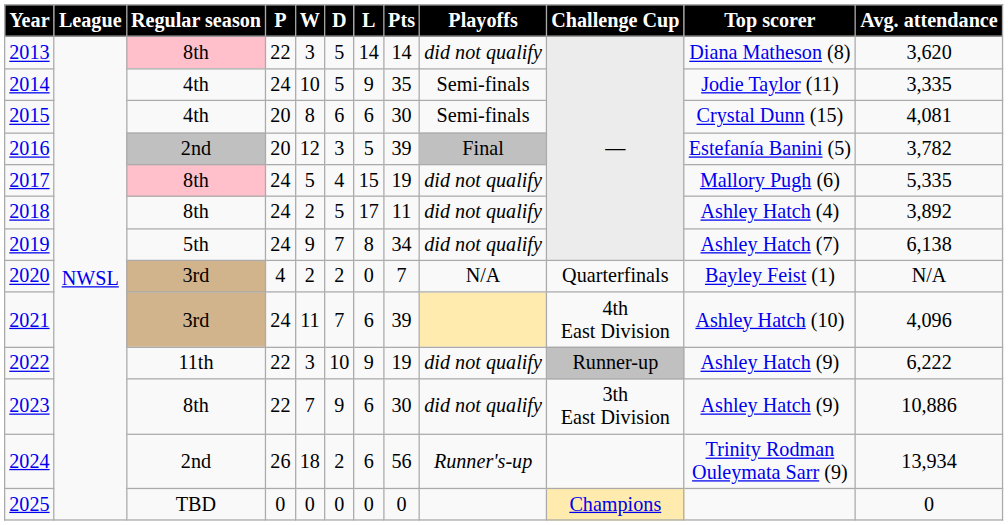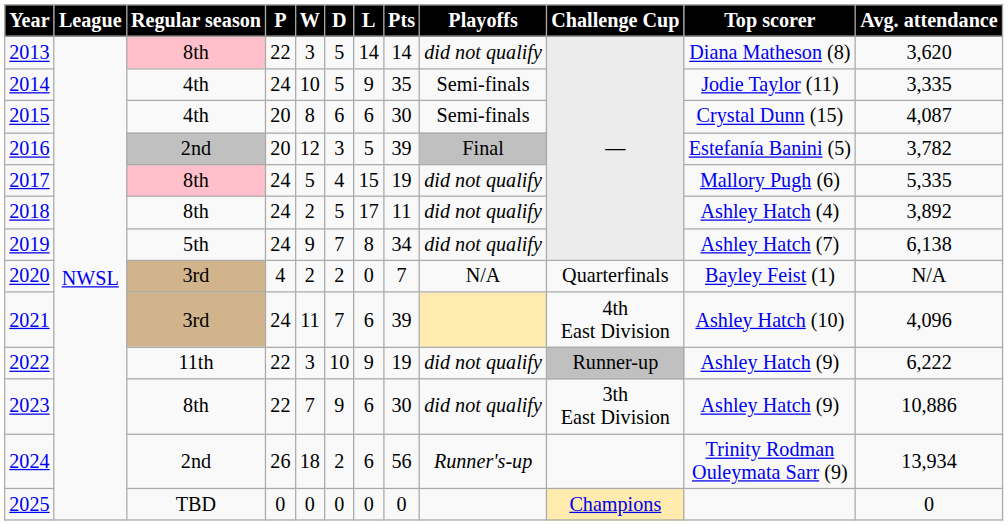 <table class="wikitable sortable" style="text-align: center">
 <tr>
 <th style="background:#000000; color:#FFFFFF; ">Year</th>
 <th style="background:#000000; color:#FFFFFF; ">League</th>
 <th style="background:#000000; color:#FFFFFF; ">Regular season</th>
 <th style="background:#000000; color:#FFFFFF; ">P</th>
 <th style="background:#000000; color:#FFFFFF; ">W</th>
 <th style="background:#000000; color:#FFFFFF; ">D</th>
 <th style="background:#000000; color:#FFFFFF; ">L</th>
 <th style="background:#000000; color:#FFFFFF; ">Pts</th>
 <th style="background:#000000; color:#FFFFFF; ">Playoffs</th>
 <th style="background:#000000; color:#FFFFFF; ">Challenge Cup</th>
 <th style="background:#000000; color:#FFFFFF; ">Top scorer</th>
 <th style="background:#000000; color:#FFFFFF; ">Avg. attendance</th>
 </tr>
 <tr>
 <td><a href='#'>2013</a></td>
 <td rowspan="13"><a href='#'>NWSL</a></td>
 <td bgcolor=pink>8th</td>
 <td>22</td>
 <td>3</td>
 <td>5</td>
 <td>14</td>
 <td>14</td>
 <td><em>did not qualify</em></td>
 <td rowspan="7" style="text-align:center; background:#ececec;" color:gray>—</td>
 <td> <a href='#'>Diana Matheson</a> (8)</td>
 <td>3,620</td>
 </tr>
 <tr>
 <td><a href='#'>2014</a></td>
 <td>4th</td>
 <td>24</td>
 <td>10</td>
 <td>5</td>
 <td>9</td>
 <td>35</td>
 <td>Semi-finals</td>
 <td> <a href='#'>Jodie Taylor</a> (11)</td>
 <td>3,335</td>
 </tr>
 <tr>
 <td><a href='#'>2015</a></td>
 <td>4th</td>
 <td>20</td>
 <td>8</td>
 <td>6</td>
 <td>6</td>
 <td>30</td>
 <td>Semi-finals</td>
 <td> <a href='#'>Crystal Dunn</a> (15)</td>
-<td>4,081</td>
+<td>4,087</td>
 </tr>
 <tr>
 <td><a href='#'>2016</a></td>
 <td bgcolor=silver>2nd</td>
 <td>20</td>
 <td>12</td>
 <td>3</td>
 <td>5</td>
 <td>39</td>
 <td bgcolor=silver>Final</td>
 <td> <a href='#'>Estefanía Banini</a> (5)</td>
 <td>3,782</td>
 </tr>
 <tr>
 <td><a href='#'>2017</a></td>
 <td bgcolor=pink>8th</td>
 <td>24</td>
 <td>5</td>
 <td>4</td>
 <td>15</td>
 <td>19</td>
 <td><em>did not qualify</em></td>
 <td> <a href='#'>Mallory Pugh</a> (6)</td>
 <td>5,335</td>
 </tr>
 <tr>
 <td><a href='#'>2018</a></td>
 <td>8th</td>
 <td>24</td>
 <td>2</td>
 <td>5</td>
 <td>17</td>
 <td>11</td>
 <td><em>did not qualify</em></td>
 <td> <a href='#'>Ashley Hatch</a> (4)</td>
 <td>3,892</td>
 </tr>
 <tr>
 <td><a href='#'>2019</a></td>
 <td>5th</td>
 <td>24</td>
 <td>9</td>
 <td>7</td>
 <td>8</td>
 <td>34</td>
 <td><em>did not qualify</em></td>
 <td> <a href='#'>Ashley Hatch</a> (7)</td>
 <td>6,138</td>
 </tr>
 <tr>
 <td><a href='#'>2020</a></td>
 <td bgcolor=tan>3rd</td>
 <td>4</td>
 <td>2</td>
 <td>2</td>
 <td>0</td>
 <td>7</td>
 <td>N/A</td>
 <td>Quarterfinals</td>
 <td> <a href='#'>Bayley Feist</a> (1)</td>
 <td>N/A</td>
 </tr>
 <tr>
 <td><a href='#'>2021</a></td>
 <td bgcolor=tan>3rd</td>
 <td>24</td>
 <td>11</td>
 <td>7</td>
 <td>6</td>
 <td>39</td>
 <td style="background:#ffebad;"><a href='#'></a></td>
 <td>4th<br>East Division</td>
 <td> <a href='#'>Ashley Hatch</a> (10)</td>
 <td>4,096</td>
 </tr>
 <tr>
 <td><a href='#'>2022</a></td>
 <td>11th</td>
 <td>22</td>
 <td>3</td>
 <td>10</td>
 <td>9</td>
 <td>19</td>
 <td><em>did not qualify</em></td>
 <td bgcolor=silver>Runner-up</td>
 <td> <a href='#'>Ashley Hatch</a> (9)</td>
 <td>6,222</td>
 </tr>
 <tr>
 <td><a href='#'>2023</a></td>
 <td>8th</td>
 <td>22</td>
 <td>7</td>
 <td>9</td>
 <td>6</td>
 <td>30</td>
 <td><em>did not qualify</em></td>
 <td>3th<br>East Division</td>
 <td> <a href='#'>Ashley Hatch</a> (9)</td>
 <td>10,886</td>
 </tr>
 <tr>
 <td><a href='#'>2024</a></td>
 <td>2nd</td>
 <td>26</td>
 <td>18</td>
 <td>2</td>
 <td>6</td>
 <td>56</td>
 <td><em>Runner's-up</em></td>
 <td></td>
 <td> <a href='#'>Trinity Rodman</a><br> <a href='#'>Ouleymata Sarr</a> (9)</td>
 <td>13,934</td>
 </tr>
 <tr>
 <td><a href='#'>2025</a></td>
 <td>TBD</td>
 <td>0</td>
 <td>0</td>
 <td>0</td>
 <td>0</td>
 <td>0</td>
 <td></td>
 <td style="background:#ffebad;"><a href='#'>Champions</a></td>
 <td></td>
 <td>0</td>
 </tr>
 </table>
